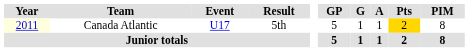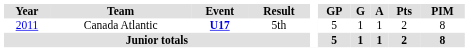 <table border="0" cellpadding="1" cellspacing="0" style="text-align:center; width:40em">
 <tr ALIGN="center" bgcolor="#e0e0e0">
 <th>Year</th>
 <th>Team</th>
 <th>Event</th>
 <th>Result</th>
 <th rowspan="99" bgcolor="#ffffff"> </th>
 <th>GP</th>
 <th>G</th>
 <th>A</th>
 <th>Pts</th>
 <th>PIM</th>
 </tr>
 <tr ALIGN="center">
-<td style="background: lightyellow;"><a href='#'>2011</a></td>
+<td><a href='#'>2011</a></td>
 <td>Canada Atlantic</td>
-<td><a href='#'>U17</a></td>
+<td><strong><a href='#'>U17</a></strong></td>
 <td>5th</td>
 <td>5</td>
 <td>1</td>
 <td>1</td>
-<td style="background: gold;">2</td>
+<td>2</td>
 <td>8</td>
 </tr>
 <tr bgcolor="#e0e0e0">
 <th colspan="4">Junior totals</th>
 <th>5</th>
 <th>1</th>
 <th>1</th>
 <th>2</th>
 <th>8</th>
 </tr>
 </table>
